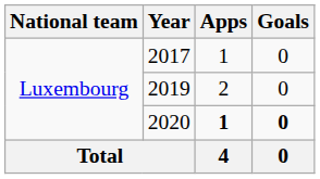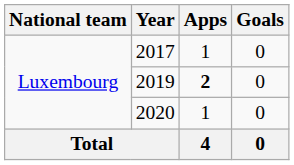 <table class=wikitable style=text-align:center>
 <tr>
 <th>National team</th>
 <th>Year</th>
 <th>Apps</th>
 <th>Goals</th>
 </tr>
 <tr>
 <td rowspan=3><a href='#'>Luxembourg</a></td>
 <td>2017</td>
 <td>1</td>
 <td>0</td>
 </tr>
 <tr>
 <td>2019</td>
-<td>2</td>
+<td><strong>2</strong></td>
 <td>0</td>
 </tr>
 <tr>
 <td>2020</td>
-<td><strong>1</strong></td>
-<td><strong>0</strong></td>
+<td>1</td>
+<td>0</td>
 </tr>
 <tr>
 <th colspan=2>Total</th>
 <th>4</th>
 <th>0</th>
 </tr>
 </table>
